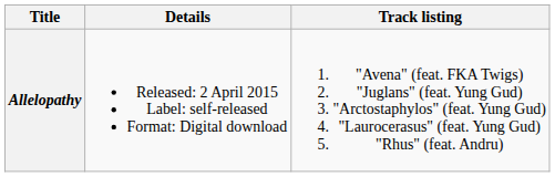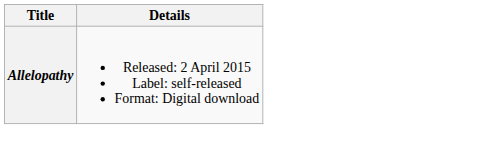 <table class="wikitable plainrowheaders" style="text-align:center;">
 <tr>
 <th scope="col">Title</th>
 <th scope="col">Details</th>
-<th scope="col">Track listing</th>
 </tr>
 <tr>
 <th scope="row"><em>Allelopathy</em></th>
 <td><br><ul><li>Released: 2 April 2015</li><li>Label: self-released</li><li>Format: Digital download</li></ul></td>
-<td><br><ol><li>"Avena" (feat. FKA Twigs)</li><li>"Juglans" (feat. Yung Gud)</li><li>"Arctostaphylos" (feat. Yung Gud)</li><li>"Laurocerasus" (feat. Yung Gud)</li><li>"Rhus" (feat. Andru)</li></ol></td>
 </tr>
 </table>
